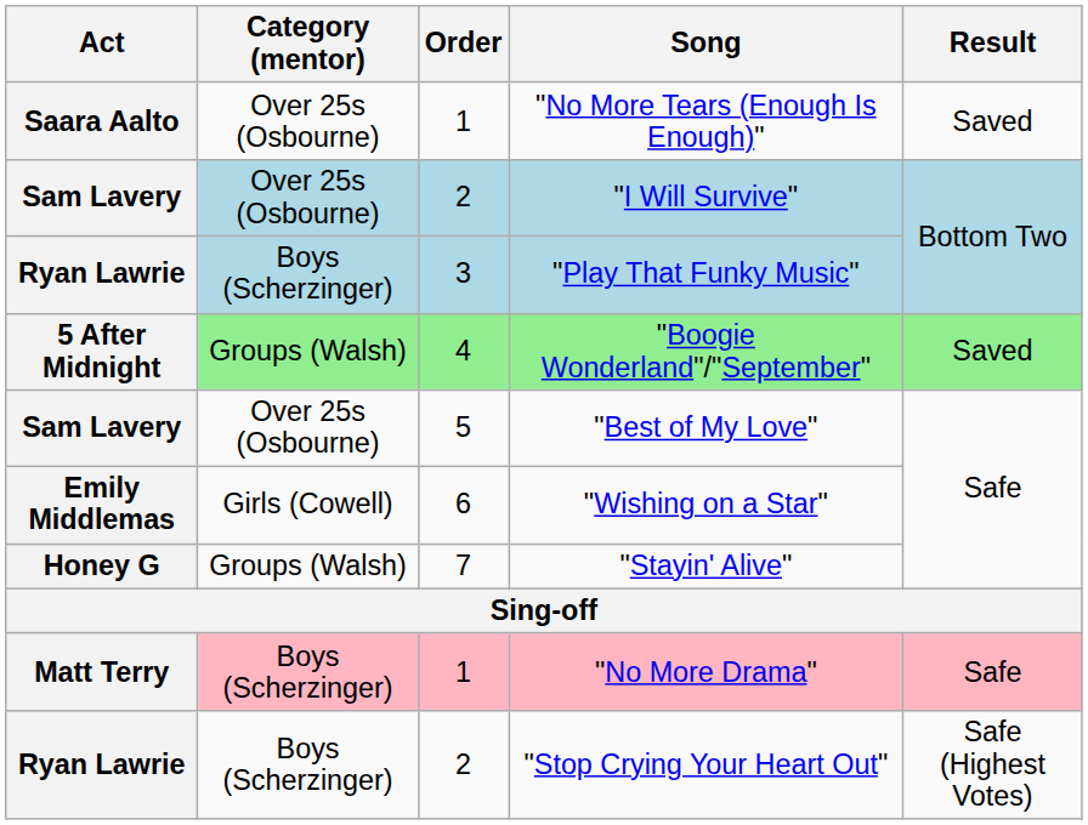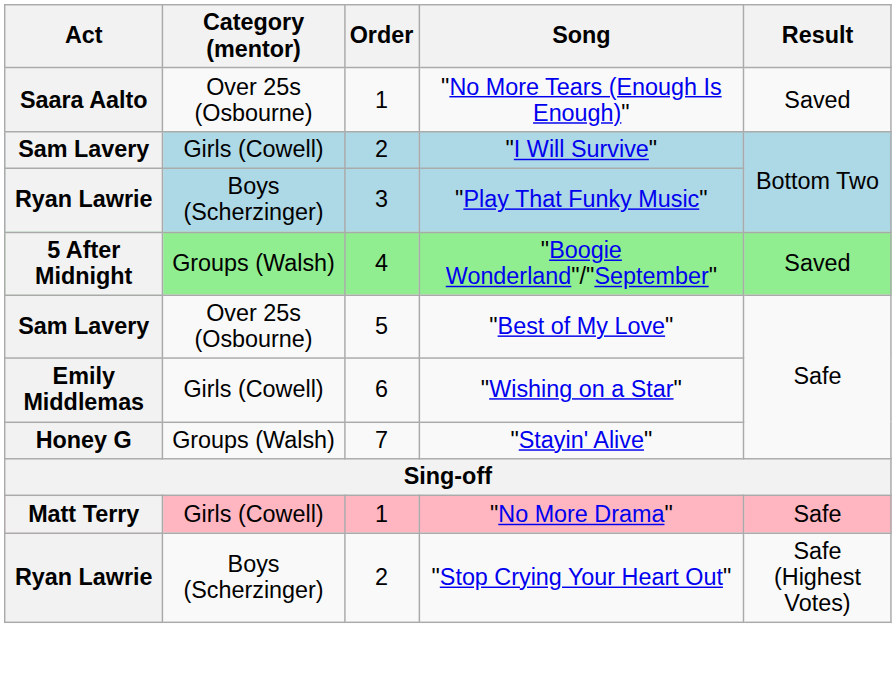 <table class="wikitable plainrowheaders" style="text-align:center;">
 <tr>
 <th scope="col">Act</th>
 <th scope="col">Category (mentor)</th>
 <th scope="col">Order</th>
 <th scope="col">Song</th>
 <th scope="col">Result</th>
 </tr>
 <tr>
 <th scope="row">Saara Aalto</th>
 <td>Over 25s (Osbourne)</td>
 <td>1</td>
 <td>"<a href='#'>No More Tears (Enough Is Enough)</a>"</td>
 <td>Saved</td>
 </tr>
 <tr style="background:lightblue;">
 <th scope="row">Sam Lavery</th>
-<td>Over 25s (Osbourne)</td>
+<td>Girls (Cowell)</td>
 <td>2</td>
 <td>"<a href='#'>I Will Survive</a>"</td>
 <td rowspan=2>Bottom Two</td>
 </tr>
 <tr style="background:lightblue;">
 <th scope="row">Ryan Lawrie</th>
 <td>Boys (Scherzinger)</td>
 <td>3</td>
 <td>"<a href='#'>Play That Funky Music</a>"</td>
 </tr>
 <tr style="background:lightgreen;">
 <th scope="row">5 After Midnight</th>
 <td>Groups (Walsh)</td>
 <td>4</td>
 <td>"<a href='#'>Boogie Wonderland</a>"/"<a href='#'>September</a>"</td>
 <td>Saved</td>
 </tr>
 <tr>
 <th scope="row">Sam Lavery</th>
 <td>Over 25s (Osbourne)</td>
 <td>5</td>
 <td>"<a href='#'>Best of My Love</a>"</td>
 <td rowspan=3>Safe</td>
 </tr>
 <tr>
 <th scope="row">Emily Middlemas</th>
 <td>Girls (Cowell)</td>
 <td>6</td>
 <td>"<a href='#'>Wishing on a Star</a>"</td>
 </tr>
 <tr>
 <th scope="row">Honey G</th>
 <td>Groups (Walsh)</td>
 <td>7</td>
 <td>"<a href='#'>Stayin' Alive</a>"</td>
 </tr>
 <tr>
 <th colspan="5">Sing-off</th>
 </tr>
 <tr style="background:lightpink;">
 <th scope="row">Matt Terry</th>
-<td>Boys (Scherzinger)</td>
+<td>Girls (Cowell)</td>
 <td>1</td>
 <td>"<a href='#'>No More Drama</a>"</td>
 <td>Safe</td>
 </tr>
 <tr>
 <th scope="row">Ryan Lawrie</th>
 <td>Boys (Scherzinger)</td>
 <td>2</td>
 <td>"<a href='#'>Stop Crying Your Heart Out</a>"</td>
 <td>Safe (Highest Votes)</td>
 </tr>
 </table>
